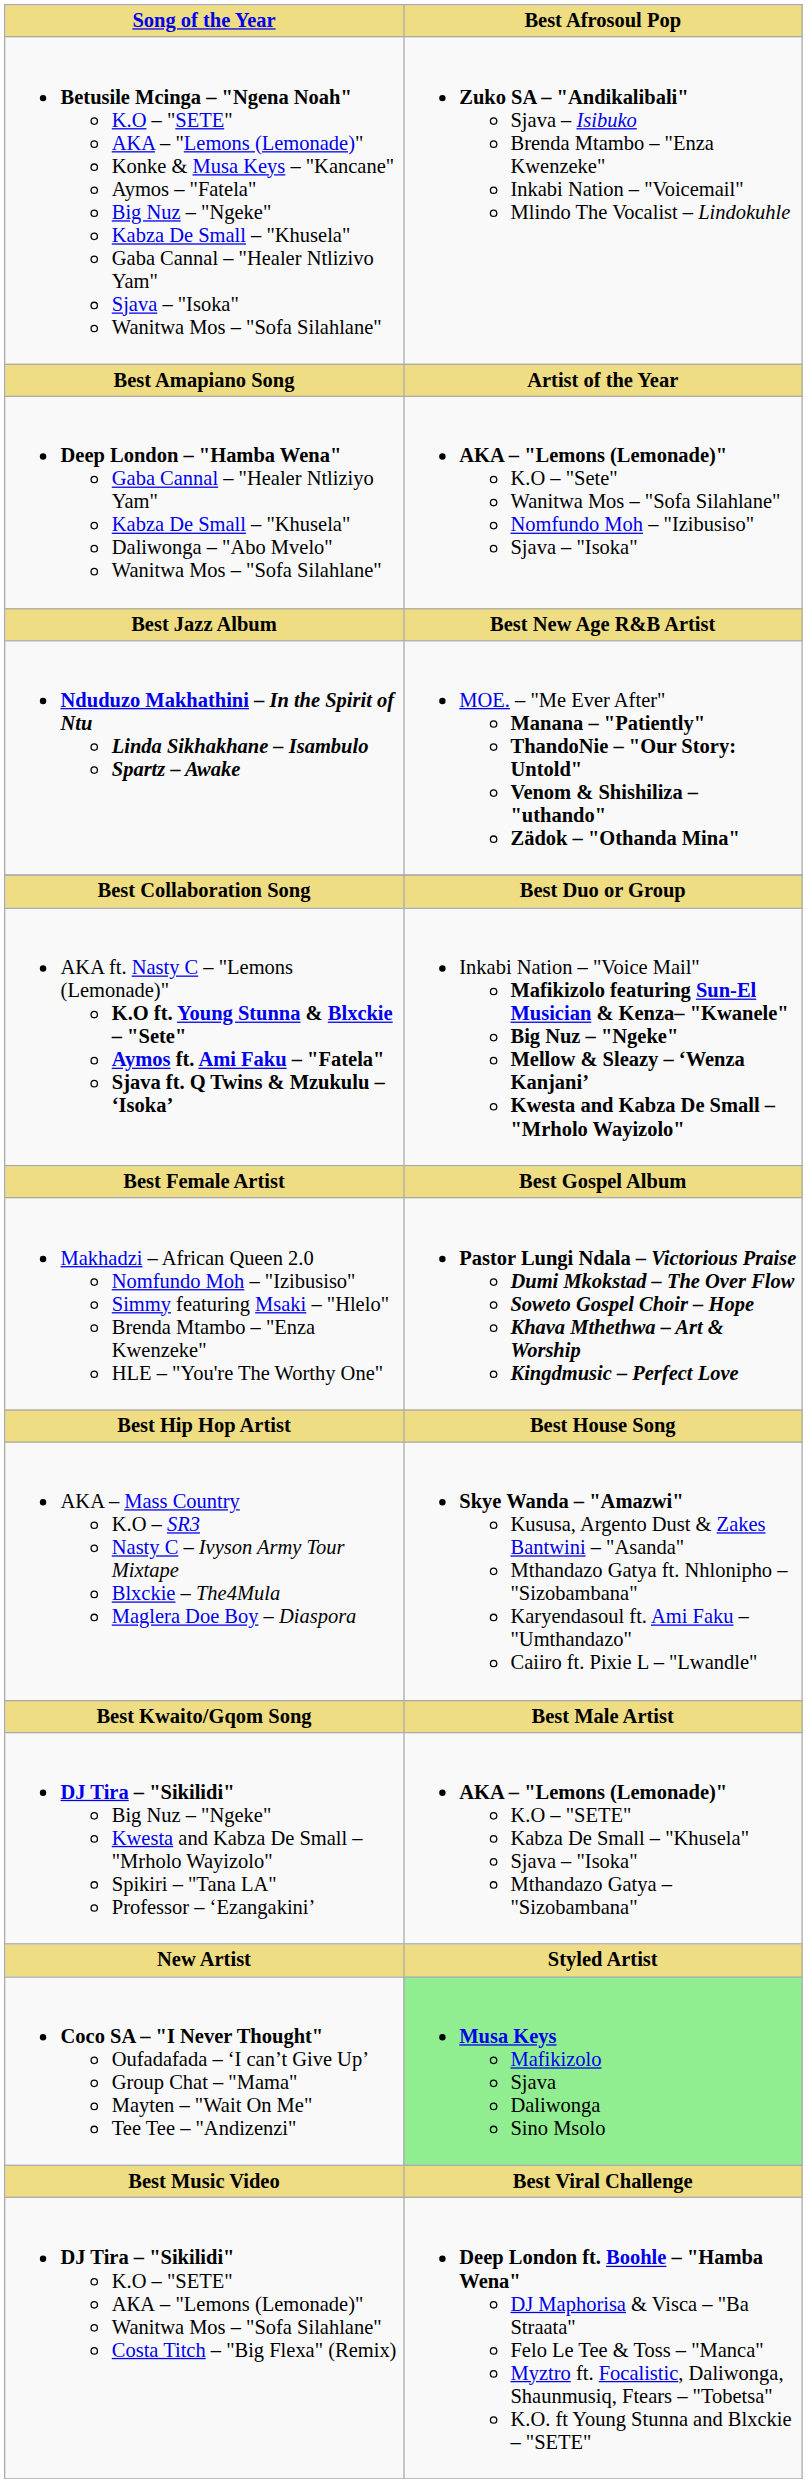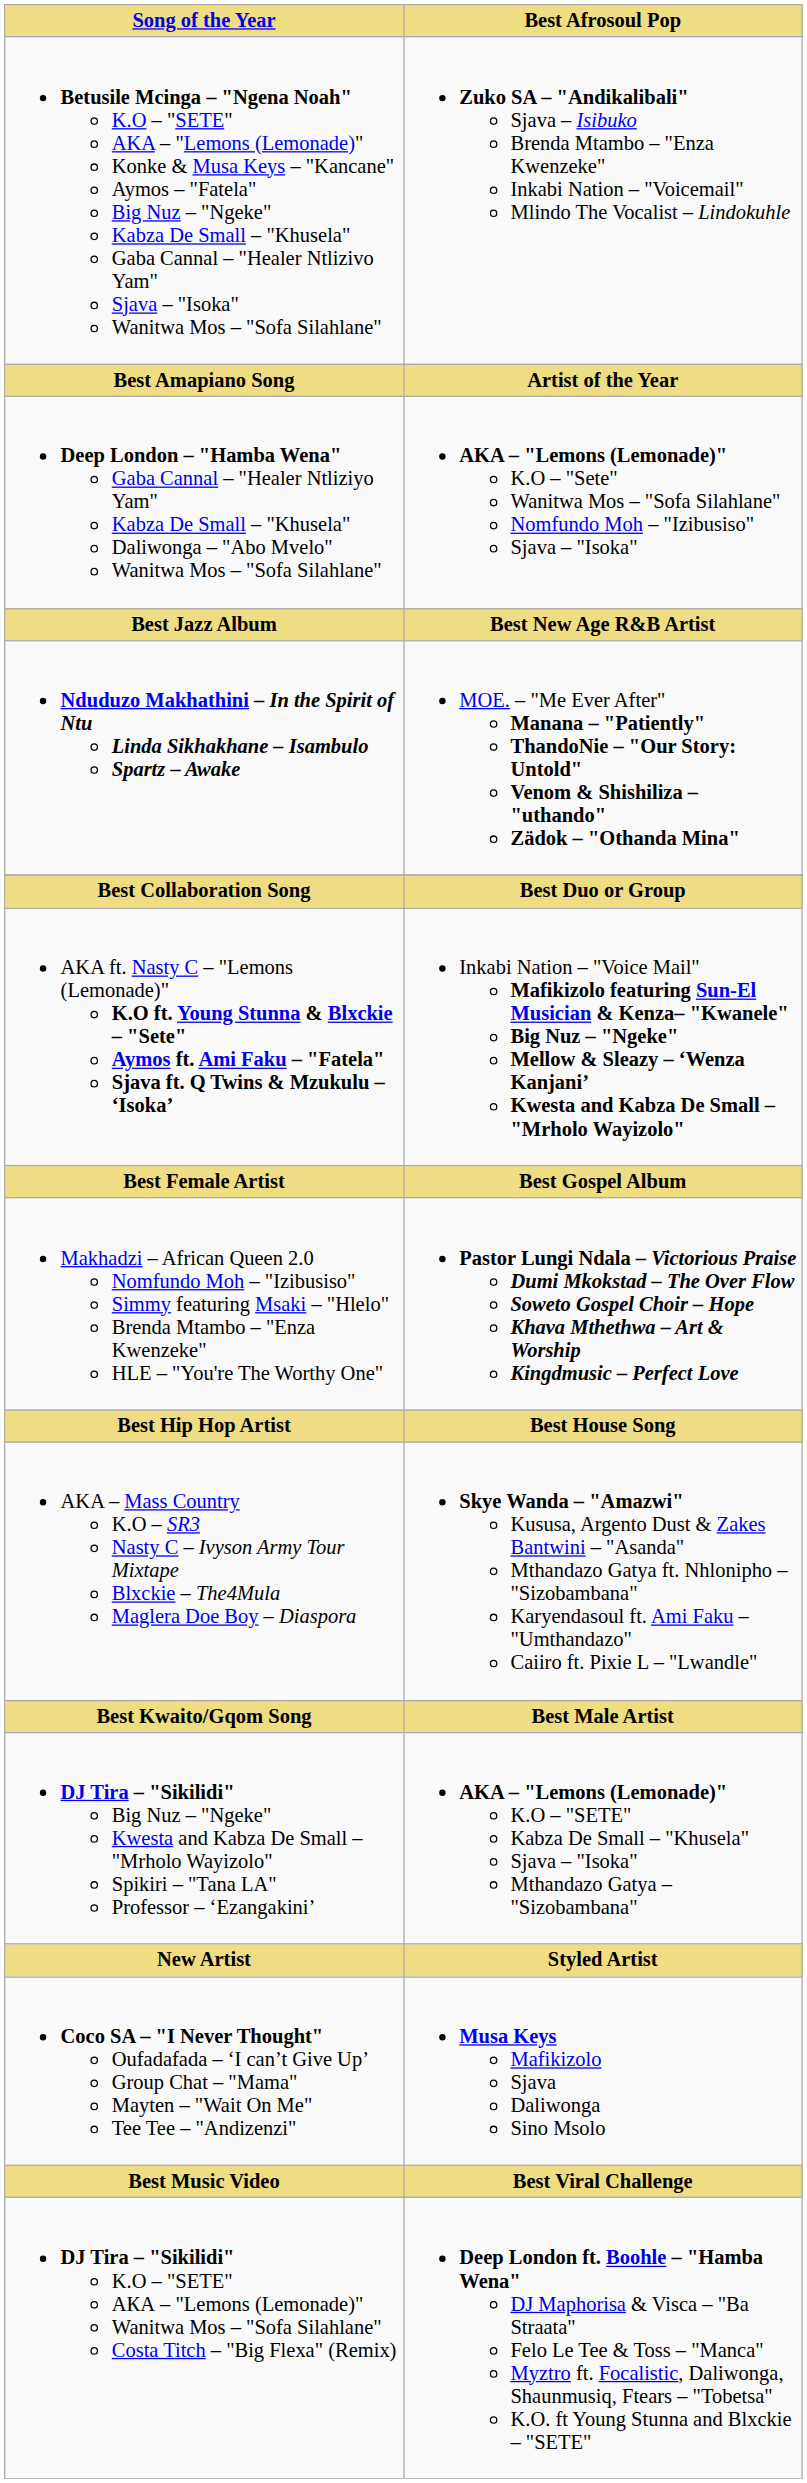 <table class=wikitable width="100%">
 <tr>
 <th style="background:#EEDD82;" ! width="50%"><a href='#'>Song of the Year</a></th>
 <th style="background:#EEDD82;" ! width="50%">Best Afrosoul Pop</th>
 </tr>
 <tr>
 <td valign="top"><br><ul><li><strong>Betusile Mcinga – "Ngena Noah"</strong><ul><li><a href='#'>K.O</a> – "<a href='#'>SETE</a>"</li><li><a href='#'>AKA</a> – "<a href='#'>Lemons (Lemonade)</a>"</li><li>Konke & <a href='#'>Musa Keys</a> – "Kancane"</li><li>Aymos – "Fatela"</li><li><a href='#'>Big Nuz</a> – "Ngeke"</li><li><a href='#'>Kabza De Small</a> – "Khusela"</li><li>Gaba Cannal – "Healer Ntlizivo Yam"</li><li><a href='#'>Sjava</a> – "Isoka"</li><li>Wanitwa Mos – "Sofa Silahlane"</li></ul></li></ul></td>
 <td valign="top"><br><ul><li><strong>Zuko SA – "Andikalibali"</strong><ul><li>Sjava – <em><a href='#'>Isibuko</a></em></li><li>Brenda Mtambo – "Enza Kwenzeke"</li><li>Inkabi Nation – "Voicemail"</li><li>Mlindo The Vocalist – <em>Lindokuhle</em></li></ul></li></ul></td>
 </tr>
 <tr>
 <th style="background:#EEDD82;" ! width="50%">Best Amapiano Song</th>
 <th style="background:#EEDD82;" ! width="50%">Artist of the Year</th>
 </tr>
 <tr>
 <td valign="top"><br><ul><li><strong>Deep London – "Hamba Wena"</strong><ul><li><a href='#'>Gaba Cannal</a> – "Healer Ntliziyo Yam"</li><li><a href='#'>Kabza De Small</a> – "Khusela"</li><li>Daliwonga – "Abo Mvelo"</li><li>Wanitwa Mos – "Sofa Silahlane"</li></ul></li></ul></td>
 <td valign="top"><br><ul><li><strong>AKA – "Lemons (Lemonade)"</strong><ul><li>K.O – "Sete"</li><li>Wanitwa Mos – "Sofa Silahlane"</li><li><a href='#'>Nomfundo Moh</a> – "Izibusiso"</li><li>Sjava – "Isoka"</li></ul></li></ul></td>
 </tr>
 <tr>
 <th style="background:#EEDD82;" ! width="50%">Best Jazz Album</th>
 <th style="background:#EEDD82;" ! width="50%">Best New Age R&B Artist</th>
 </tr>
 <tr>
 <td valign="top"><br><ul><li><strong><a href='#'>Nduduzo Makhathini</a> – <em>In the Spirit of Ntu<strong><em><ul><li>Linda Sikhakhane – </em>Isambulo<em></li><li>Spartz – </em>Awake<em></li></ul></li></ul></td>
 <td valign="top"><br><ul><li></strong><a href='#'>MOE.</a> – "Me Ever After"<strong><ul><li>Manana – "Patiently"</li><li>ThandoNie – "Our Story: Untold"</li><li>Venom & Shishiliza – "uthando"</li><li>Zädok – "Othanda Mina"</li></ul></li></ul></td>
 </tr>
 <tr>
 </tr>
 <tr>
 <th style="background:#EEDD82;" ! width="50%">Best Collaboration Song</th>
 <th style="background:#EEDD82;" ! width="50%">Best Duo or Group</th>
 </tr>
 <tr>
 <td valign="top"><br><ul><li></strong>AKA ft. <a href='#'>Nasty C</a> – "Lemons (Lemonade)"<strong><ul><li>K.O ft. <a href='#'>Young Stunna</a> & <a href='#'>Blxckie</a> – "Sete"</li><li><a href='#'>Aymos</a> ft. <a href='#'>Ami Faku</a> – "Fatela"</li><li>Sjava ft. Q Twins & Mzukulu – ‘Isoka’</li></ul></li></ul></td>
 <td valign="top"><br><ul><li></strong>Inkabi Nation – "Voice Mail" <strong><ul><li>Mafikizolo featuring <a href='#'>Sun-El Musician</a> & Kenza– "Kwanele"</li><li>Big Nuz – "Ngeke"</li><li>Mellow & Sleazy – ‘Wenza Kanjani’</li><li>Kwesta and Kabza De Small – "Mrholo Wayizolo"</li></ul></li></ul></td>
 </tr>
 <tr>
 <th style="background:#EEDD82;" ! width="50%">Best Female Artist</th>
 <th style="background:#EEDD82;" ! width="50%">Best Gospel Album</th>
 </tr>
 <tr>
 <td valign="top"><br><ul><li></strong><a href='#'>Makhadzi</a> – </em>African Queen 2.0</em></strong><ul><li><a href='#'>Nomfundo Moh</a> – "Izibusiso"</li><li><a href='#'>Simmy</a> featuring <a href='#'>Msaki</a> – "Hlelo"</li><li>Brenda Mtambo – "Enza Kwenzeke"</li><li>HLE – "You're The Worthy One"</li></ul></li></ul></td>
 <td valign="top"><br><ul><li><strong>Pastor Lungi Ndala – <em>Victorious Praise<strong><em><ul><li>Dumi Mkokstad – </em>The Over Flow<em></li><li>Soweto Gospel Choir – </em>Hope<em></li><li>Khava Mthethwa – </em>Art & Worship<em></li><li>Kingdmusic – </em>Perfect Love<em></li></ul></li></ul></td>
 </tr>
 <tr>
 <th style="background:#EEDD82;" ! width="50%">Best Hip Hop Artist</th>
 <th style="background:#EEDD82;" ! width="50%">Best House Song</th>
 </tr>
 <tr>
 <td valign="top"><br><ul><li></strong>AKA – </em><a href='#'>Mass Country</a></em></strong><ul><li>K.O – <em><a href='#'>SR3</a></em></li><li><a href='#'>Nasty C</a> – <em>Ivyson Army Tour Mixtape</em></li><li><a href='#'>Blxckie</a> – <em>The4Mula</em></li><li><a href='#'>Maglera Doe Boy</a> – <em>Diaspora</em></li></ul></li></ul></td>
 <td valign="top"><br><ul><li><strong>Skye Wanda – "Amazwi"</strong><ul><li>Kususa, Argento Dust & <a href='#'>Zakes Bantwini</a> – "Asanda"</li><li>Mthandazo Gatya ft. Nhlonipho – "Sizobambana"</li><li>Karyendasoul ft. <a href='#'>Ami Faku</a> – "Umthandazo"</li><li>Caiiro ft. Pixie L – "Lwandle"</li></ul></li></ul></td>
 </tr>
 <tr>
 <th style="background:#EEDD82;" ! width="50%">Best Kwaito/Gqom Song</th>
 <th style="background:#EEDD82;" ! width="50%">Best Male Artist</th>
 </tr>
 <tr>
 <td valign="top"><br><ul><li><strong><a href='#'>DJ Tira</a> – "Sikilidi"</strong><ul><li>Big Nuz – "Ngeke"</li><li><a href='#'>Kwesta</a> and Kabza De Small – "Mrholo Wayizolo"</li><li>Spikiri – "Tana LA"</li><li>Professor – ‘Ezangakini’</li></ul></li></ul></td>
 <td valign="top"><br><ul><li><strong>AKA – "Lemons (Lemonade)"</strong><ul><li>K.O – "SETE"</li><li>Kabza De Small – "Khusela"</li><li>Sjava – "Isoka"</li><li>Mthandazo Gatya – "Sizobambana"</li></ul></li></ul></td>
 </tr>
 <tr>
 <th style="background:#EEDD82;" ! width="50%">New Artist</th>
 <th style="background:#EEDD82;" ! width="50%">Styled Artist</th>
 </tr>
 <tr>
 <td valign="top"><br><ul><li><strong>Coco SA – "I Never Thought"</strong><ul><li>Oufadafada – ‘I can’t Give Up’</li><li>Group Chat – "Mama"</li><li>Mayten – "Wait On Me"</li><li>Tee Tee – "Andizenzi"</li></ul></li></ul></td>
-<td valign="top" style="background: lightgreen;"><br><ul><li><strong><a href='#'>Musa Keys</a></strong><ul><li><a href='#'>Mafikizolo</a></li><li>Sjava</li><li>Daliwonga</li><li>Sino Msolo</li></ul></li></ul></td>
+<td valign="top"><br><ul><li><strong><a href='#'>Musa Keys</a></strong><ul><li><a href='#'>Mafikizolo</a></li><li>Sjava</li><li>Daliwonga</li><li>Sino Msolo</li></ul></li></ul></td>
 </tr>
 <tr>
 <th style="background:#EEDD82;" ! width="50%">Best Music Video</th>
 <th style="background:#EEDD82;" ! width="50%">Best Viral Challenge</th>
 </tr>
 <tr>
 <td valign="top"><br><ul><li><strong>DJ Tira – "Sikilidi"</strong><ul><li>K.O – "SETE"</li><li>АКА – "Lemons (Lemonade)"</li><li>Wanitwa Mos – "Sofa Silahlane"</li><li><a href='#'>Costa Titch</a> – "Big Flexa" (Remix)</li></ul></li></ul></td>
 <td valign="top"><br><ul><li><strong>Deep London ft. <a href='#'>Boohle</a> – "Hamba Wena"</strong><ul><li><a href='#'>DJ Maphorisa</a> & Visca – "Ba Straata"</li><li>Felo Le Tee & Toss – "Manca"</li><li><a href='#'>Myztro</a> ft. <a href='#'>Focalistic</a>, Daliwonga,  Shaunmusiq, Ftears – "Tobetsa"</li><li>K.O. ft Young Stunna and Blxckie – "SETE"</li></ul></li></ul></td>
 </tr>
 </table>
